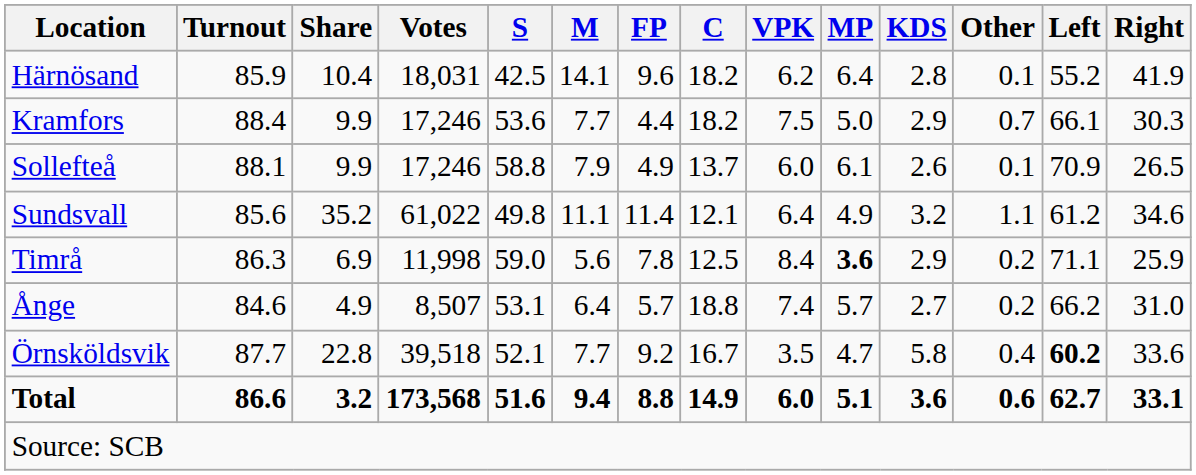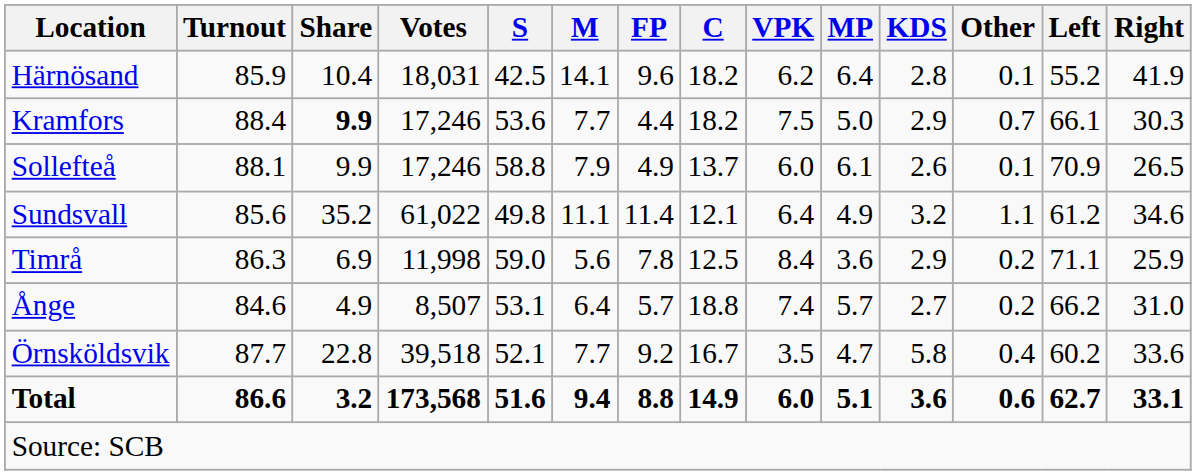 <table class="wikitable sortable" style=text-align:right>
 <tr>
 <th>Location</th>
 <th>Turnout</th>
 <th>Share</th>
 <th>Votes</th>
 <th><a href='#'>S</a></th>
 <th><a href='#'>M</a></th>
 <th><a href='#'>FP</a></th>
 <th><a href='#'>C</a></th>
 <th><a href='#'>VPK</a></th>
 <th><a href='#'>MP</a></th>
 <th><a href='#'>KDS</a></th>
 <th>Other</th>
 <th>Left</th>
 <th>Right</th>
 </tr>
 <tr>
 <td align=left><a href='#'>Härnösand</a></td>
 <td>85.9</td>
 <td>10.4</td>
 <td>18,031</td>
 <td>42.5</td>
 <td>14.1</td>
 <td>9.6</td>
 <td>18.2</td>
 <td>6.2</td>
 <td>6.4</td>
 <td>2.8</td>
 <td>0.1</td>
 <td>55.2</td>
 <td>41.9</td>
 </tr>
 <tr>
 <td align=left><a href='#'>Kramfors</a></td>
 <td>88.4</td>
-<td>9.9</td>
+<td><strong>9.9</strong></td>
 <td>17,246</td>
 <td>53.6</td>
 <td>7.7</td>
 <td>4.4</td>
 <td>18.2</td>
 <td>7.5</td>
 <td>5.0</td>
 <td>2.9</td>
 <td>0.7</td>
 <td>66.1</td>
 <td>30.3</td>
 </tr>
 <tr>
 <td align=left><a href='#'>Sollefteå</a></td>
 <td>88.1</td>
 <td>9.9</td>
 <td>17,246</td>
 <td>58.8</td>
 <td>7.9</td>
 <td>4.9</td>
 <td>13.7</td>
 <td>6.0</td>
 <td>6.1</td>
 <td>2.6</td>
 <td>0.1</td>
 <td>70.9</td>
 <td>26.5</td>
 </tr>
 <tr>
 <td align=left><a href='#'>Sundsvall</a></td>
 <td>85.6</td>
 <td>35.2</td>
 <td>61,022</td>
 <td>49.8</td>
 <td>11.1</td>
 <td>11.4</td>
 <td>12.1</td>
 <td>6.4</td>
 <td>4.9</td>
 <td>3.2</td>
 <td>1.1</td>
 <td>61.2</td>
 <td>34.6</td>
 </tr>
 <tr>
 <td align=left><a href='#'>Timrå</a></td>
 <td>86.3</td>
 <td>6.9</td>
 <td>11,998</td>
 <td>59.0</td>
 <td>5.6</td>
 <td>7.8</td>
 <td>12.5</td>
 <td>8.4</td>
-<td><strong>3.6</strong></td>
+<td>3.6</td>
 <td>2.9</td>
 <td>0.2</td>
 <td>71.1</td>
 <td>25.9</td>
 </tr>
 <tr>
 <td align=left><a href='#'>Ånge</a></td>
 <td>84.6</td>
 <td>4.9</td>
 <td>8,507</td>
 <td>53.1</td>
 <td>6.4</td>
 <td>5.7</td>
 <td>18.8</td>
 <td>7.4</td>
 <td>5.7</td>
 <td>2.7</td>
 <td>0.2</td>
 <td>66.2</td>
 <td>31.0</td>
 </tr>
 <tr>
 <td align=left><a href='#'>Örnsköldsvik</a></td>
 <td>87.7</td>
 <td>22.8</td>
 <td>39,518</td>
 <td>52.1</td>
 <td>7.7</td>
 <td>9.2</td>
 <td>16.7</td>
 <td>3.5</td>
 <td>4.7</td>
 <td>5.8</td>
 <td>0.4</td>
-<td><strong>60.2</strong></td>
+<td>60.2</td>
 <td>33.6</td>
 </tr>
 <tr>
 <td align=left><strong>Total</strong></td>
 <td><strong>86.6</strong></td>
 <td><strong>3.2</strong></td>
 <td><strong>173,568</strong></td>
 <td><strong>51.6</strong></td>
 <td><strong>9.4</strong></td>
 <td><strong>8.8</strong></td>
 <td><strong>14.9</strong></td>
 <td><strong>6.0</strong></td>
 <td><strong>5.1</strong></td>
 <td><strong>3.6</strong></td>
 <td><strong>0.6</strong></td>
 <td><strong>62.7</strong></td>
 <td><strong>33.1</strong></td>
 </tr>
 <tr>
 <td align=left colspan=14>Source: SCB </td>
 </tr>
 </table>
